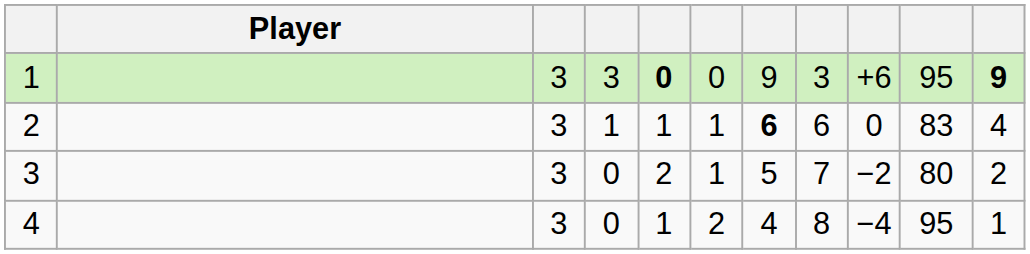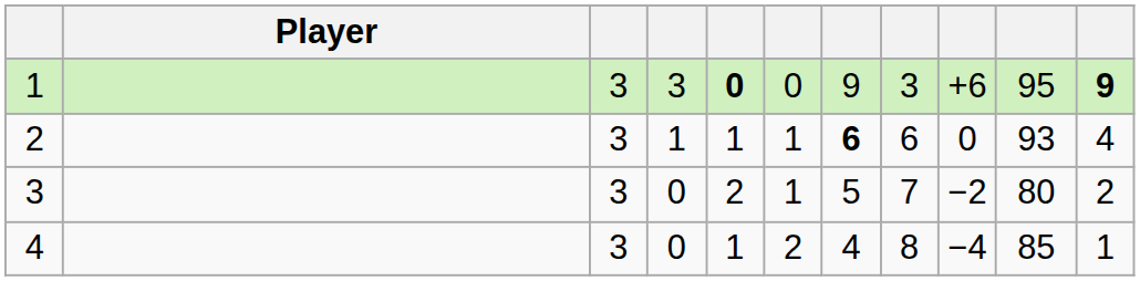 <table class="wikitable" style="text-align:center; margin: 1em auto 1em auto, align:left">
 <tr>
 <th width=20></th>
 <th width=240>Player</th>
 <th width=20></th>
 <th width=20></th>
 <th width=20></th>
 <th width=20></th>
 <th width=20></th>
 <th width=20></th>
 <th width=20></th>
 <th width=30></th>
 <th width=20></th>
 </tr>
 <tr style="background:#D0F0C0;">
 <td>1</td>
 <td align=left></td>
 <td>3</td>
 <td>3</td>
 <td><strong>0</strong></td>
 <td>0</td>
 <td>9</td>
 <td>3</td>
 <td>+6</td>
 <td>95</td>
 <td><strong>9</strong></td>
 </tr>
 <tr style=>
 <td>2</td>
 <td align=left></td>
 <td>3</td>
 <td>1</td>
 <td>1</td>
 <td>1</td>
 <td><strong>6</strong></td>
 <td>6</td>
 <td>0</td>
-<td>83</td>
+<td>93</td>
 <td>4</td>
 </tr>
 <tr style=>
 <td>3</td>
 <td align=left></td>
 <td>3</td>
 <td>0</td>
 <td>2</td>
 <td>1</td>
 <td>5</td>
 <td>7</td>
 <td>−2</td>
 <td>80</td>
 <td>2</td>
 </tr>
 <tr style=>
 <td>4</td>
 <td align=left></td>
 <td>3</td>
 <td>0</td>
 <td>1</td>
 <td>2</td>
 <td>4</td>
 <td>8</td>
 <td>−4</td>
-<td>95</td>
+<td>85</td>
 <td>1</td>
 </tr>
 </table>
